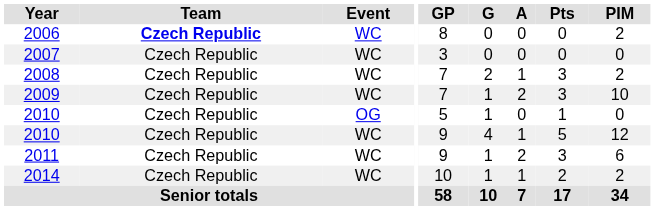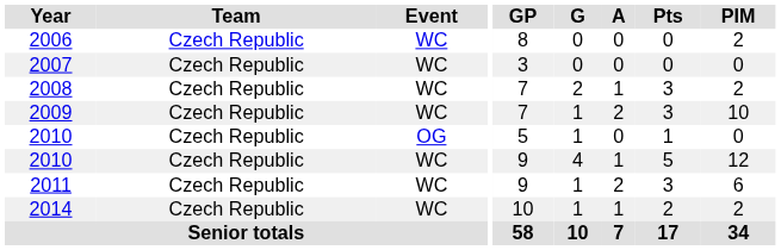 <table border="0" cellpadding="1" cellspacing="0" ID="Table3" style="text-align:center; width:40em">
 <tr ALIGN="center" bgcolor="#e0e0e0">
 <th>Year</th>
 <th>Team</th>
 <th>Event</th>
 <th rowspan="99" bgcolor="#ffffff"></th>
 <th>GP</th>
 <th>G</th>
 <th>A</th>
 <th>Pts</th>
 <th>PIM</th>
 </tr>
 <tr>
 <td><a href='#'>2006</a></td>
-<td><strong><a href='#'>Czech Republic</a></strong></td>
+<td><a href='#'>Czech Republic</a></td>
 <td><a href='#'>WC</a></td>
 <td>8</td>
 <td>0</td>
 <td>0</td>
 <td>0</td>
 <td>2</td>
 </tr>
 <tr bgcolor="#f0f0f0">
 <td><a href='#'>2007</a></td>
 <td>Czech Republic</td>
 <td>WC</td>
 <td>3</td>
 <td>0</td>
 <td>0</td>
 <td>0</td>
 <td>0</td>
 </tr>
 <tr>
 <td><a href='#'>2008</a></td>
 <td>Czech Republic</td>
 <td>WC</td>
 <td>7</td>
 <td>2</td>
 <td>1</td>
 <td>3</td>
 <td>2</td>
 </tr>
 <tr bgcolor="#f0f0f0">
 <td><a href='#'>2009</a></td>
 <td>Czech Republic</td>
 <td>WC</td>
 <td>7</td>
 <td>1</td>
 <td>2</td>
 <td>3</td>
 <td>10</td>
 </tr>
 <tr>
 <td><a href='#'>2010</a></td>
 <td>Czech Republic</td>
 <td><a href='#'>OG</a></td>
 <td>5</td>
 <td>1</td>
 <td>0</td>
 <td>1</td>
 <td>0</td>
 </tr>
 <tr bgcolor="#f0f0f0">
 <td><a href='#'>2010</a></td>
 <td>Czech Republic</td>
 <td>WC</td>
 <td>9</td>
 <td>4</td>
 <td>1</td>
 <td>5</td>
 <td>12</td>
 </tr>
 <tr>
 <td><a href='#'>2011</a></td>
 <td>Czech Republic</td>
 <td>WC</td>
 <td>9</td>
 <td>1</td>
 <td>2</td>
 <td>3</td>
 <td>6</td>
 </tr>
 <tr bgcolor="#f0f0f0">
 <td><a href='#'>2014</a></td>
 <td>Czech Republic</td>
 <td>WC</td>
 <td>10</td>
 <td>1</td>
 <td>1</td>
 <td>2</td>
 <td>2</td>
 </tr>
 <tr bgcolor="#e0e0e0">
 <th colspan="3">Senior totals</th>
 <th>58</th>
 <th>10</th>
 <th>7</th>
 <th>17</th>
 <th>34</th>
 </tr>
 </table>
